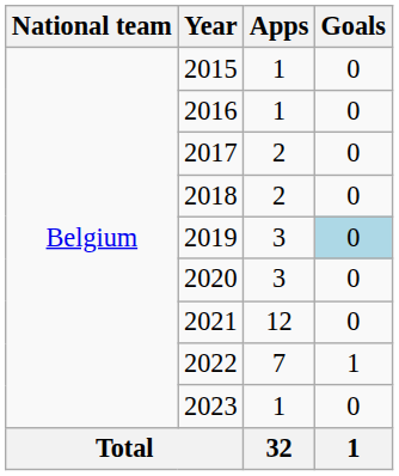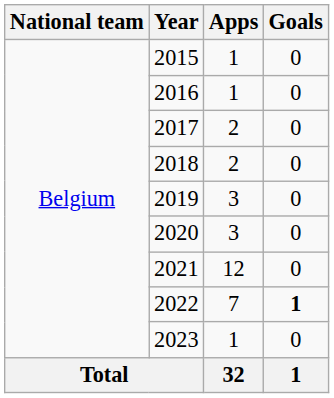 <table class="wikitable" style="text-align: center;">
 <tr>
 <th>National team</th>
 <th>Year</th>
 <th>Apps</th>
 <th>Goals</th>
 </tr>
 <tr>
 <td rowspan=9><a href='#'>Belgium</a></td>
 <td>2015</td>
 <td>1</td>
 <td>0</td>
 </tr>
 <tr>
 <td>2016</td>
 <td>1</td>
 <td>0</td>
 </tr>
 <tr>
 <td>2017</td>
 <td>2</td>
 <td>0</td>
 </tr>
 <tr>
 <td>2018</td>
 <td>2</td>
 <td>0</td>
 </tr>
 <tr>
 <td>2019</td>
 <td>3</td>
-<td style="background: lightblue;">0</td>
+<td>0</td>
 </tr>
 <tr>
 <td>2020</td>
 <td>3</td>
 <td>0</td>
 </tr>
 <tr>
 <td>2021</td>
 <td>12</td>
 <td>0</td>
 </tr>
 <tr>
 <td>2022</td>
 <td>7</td>
-<td>1</td>
+<td><strong>1</strong></td>
 </tr>
 <tr>
 <td>2023</td>
 <td>1</td>
 <td>0</td>
 </tr>
 <tr>
 <th colspan=2>Total</th>
 <th>32</th>
 <th>1</th>
 </tr>
 </table>
